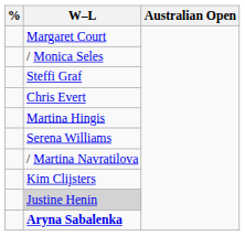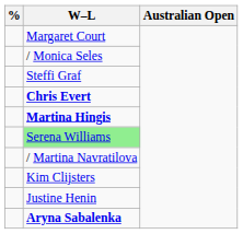 <table class="wikitable nowrap" style="display:inline-table;">
 <tr>
 <th>%</th>
 <th>W–L</th>
 <th>Australian Open</th>
 </tr>
 <tr>
 <td></td>
 <td> <a href='#'>Margaret Court</a></td>
 </tr>
 <tr>
 <td></td>
 <td>/ <a href='#'>Monica Seles</a></td>
 </tr>
 <tr>
 <td></td>
 <td> <a href='#'>Steffi Graf</a></td>
 </tr>
 <tr>
 <td></td>
-<td> <a href='#'>Chris Evert</a></td>
+<td><strong> <a href='#'>Chris Evert</a></strong></td>
 </tr>
 <tr>
 <td></td>
-<td> <a href='#'>Martina Hingis</a></td>
+<td><strong> <a href='#'>Martina Hingis</a></strong></td>
 </tr>
 <tr>
 <td></td>
-<td> <a href='#'>Serena Williams</a></td>
+<td style="background: lightgreen;"> <a href='#'>Serena Williams</a></td>
 </tr>
 <tr>
 <td></td>
 <td>/ <a href='#'>Martina Navratilova</a></td>
 </tr>
 <tr>
 <td></td>
 <td> <a href='#'>Kim Clijsters</a></td>
 </tr>
 <tr>
 <td></td>
-<td style="background: lightgrey;"> <a href='#'>Justine Henin</a></td>
+<td> <a href='#'>Justine Henin</a></td>
 </tr>
 <tr>
 <td></td>
 <td> <strong><a href='#'>Aryna Sabalenka</a></strong><br></td>
 </tr>
 </table>
